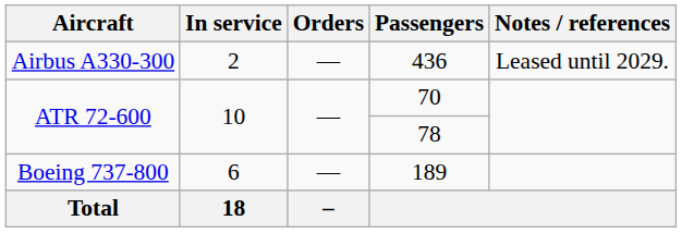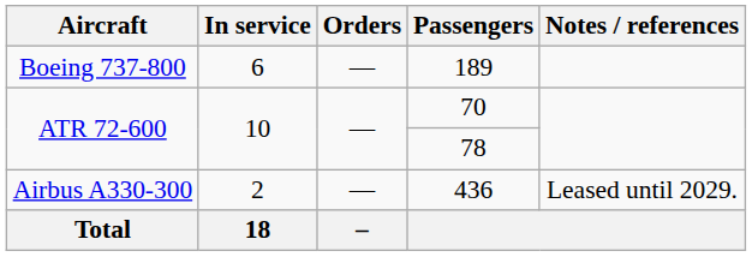 <table class="wikitable" style="text-align:center; margin:0.5em auto">
 <tr>
 <th>Aircraft</th>
 <th>In service</th>
 <th>Orders</th>
 <th>Passengers</th>
 <th>Notes / references</th>
 </tr>
 <tr>
-<td><a href='#'>Airbus A330-300</a></td>
-<td>2</td>
+<td><a href='#'>Boeing 737-800</a></td>
+<td>6</td>
 <td>—</td>
-<td>436</td>
-<td>Leased until 2029.</td>
+<td>189</td>
+<td></td>
 </tr>
 <tr>
 <td rowspan="2"><a href='#'>ATR 72-600</a></td>
 <td rowspan="2">10</td>
 <td rowspan="2">—</td>
 <td>70</td>
 <td rowspan="2"></td>
 </tr>
 <tr>
 <td>78</td>
 </tr>
 <tr>
-<td><a href='#'>Boeing 737-800</a></td>
-<td>6</td>
+<td><a href='#'>Airbus A330-300</a></td>
+<td>2</td>
 <td>—</td>
-<td>189</td>
-<td></td>
+<td>436</td>
+<td>Leased until 2029.</td>
 </tr>
 <tr>
 <th>Total</th>
 <th>18</th>
 <th>–</th>
 <th colspan="2"></th>
 </tr>
 </table>
